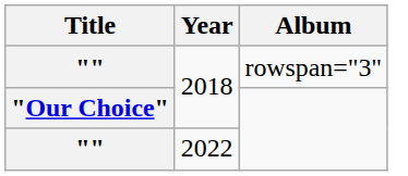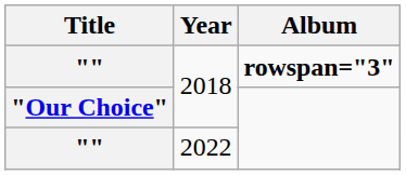 <table class="wikitable plainrowheaders" style="text-align:center">
 <tr>
 <th scope="col">Title</th>
 <th scope="col">Year</th>
 <th scope="col">Album</th>
 </tr>
 <tr>
 <th scope="row">""</th>
 <td rowspan="2">2018</td>
-<td>rowspan="3" </td>
+<td><strong>rowspan="3" </strong></td>
 </tr>
 <tr>
 <th scope="row">"<a href='#'>Our Choice</a>"</th>
 </tr>
 <tr>
 <th scope="row">""</th>
 <td>2022</td>
 </tr>
 </table>
